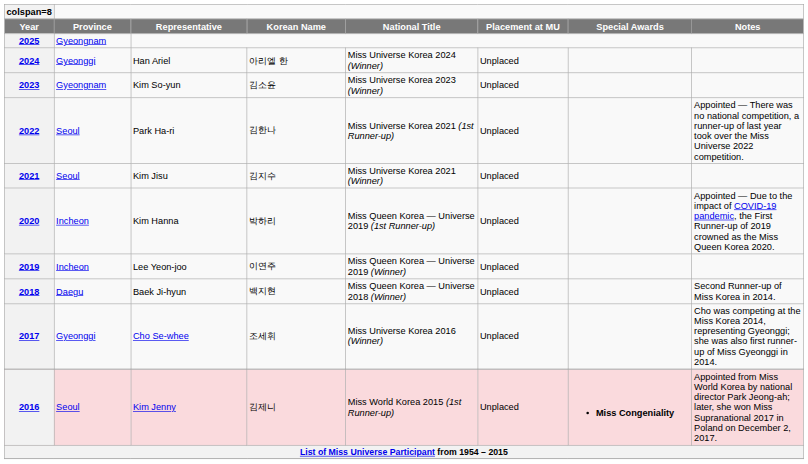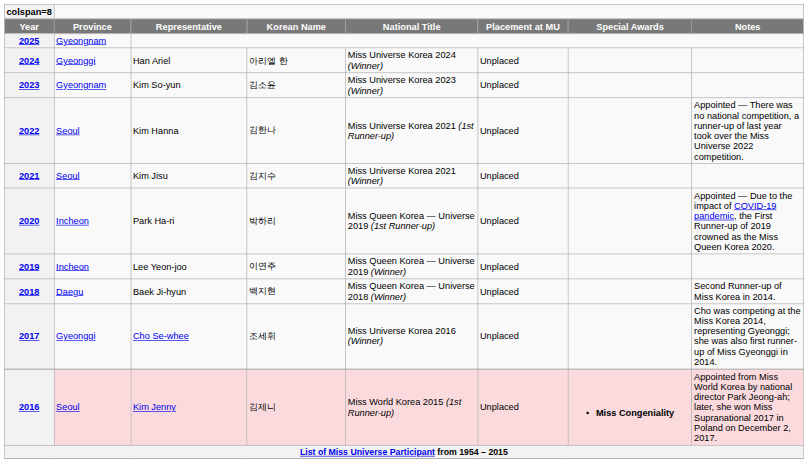 <table class="wikitable " style="font-size: 90%;">
 <tr>
 <th>colspan=8 </th>
 </tr>
 <tr>
 <th width="60" style="background-color:#787878;color:#FFFFFF;">Year</th>
 <th width="150" style="background-color:#787878;color:#FFFFFF;">Province</th>
 <th width="250" style="background-color:#787878;color:#FFFFFF;">Representative</th>
 <th width="250" style="background-color:#787878;color:#FFFFFF;">Korean Name</th>
 <th width="350" style="background-color:#787878;color:#FFFFFF;">National Title</th>
 <th width="200" style="background-color:#787878;color:#FFFFFF;">Placement at MU</th>
 <th width="250" style="background-color:#787878;color:#FFFFFF;">Special Awards</th>
 <th width="250" style="background-color:#787878;color:#FFFFFF;">Notes</th>
 </tr>
 <tr>
 <th><a href='#'>2025</a></th>
 <td><a href='#'>Gyeongnam</a></td>
 </tr>
 <tr>
 <th><a href='#'>2024</a></th>
 <td><a href='#'>Gyeonggi</a></td>
 <td>Han Ariel</td>
 <td>아리엘 한</td>
 <td>Miss Universe Korea 2024 <em>(Winner)</em></td>
 <td>Unplaced</td>
 <td></td>
 <td></td>
 </tr>
 <tr>
 <th><a href='#'>2023</a></th>
 <td><a href='#'>Gyeongnam</a></td>
 <td>Kim So-yun</td>
 <td>김소윤</td>
 <td>Miss Universe Korea 2023 <em>(Winner)</em></td>
 <td>Unplaced</td>
 <td></td>
 <td></td>
 </tr>
 <tr>
 <th><a href='#'>2022</a></th>
 <td><a href='#'>Seoul</a></td>
-<td>Park Ha-ri</td>
+<td>Kim Hanna</td>
 <td>김한나</td>
 <td>Miss Universe Korea 2021 <em>(1st Runner-up)</em></td>
 <td>Unplaced</td>
 <td></td>
 <td>Appointed — There was no national competition, a runner-up of last year took over the Miss Universe 2022 competition.</td>
 </tr>
 <tr>
 <th><a href='#'>2021</a></th>
 <td><a href='#'>Seoul</a></td>
 <td>Kim Jisu</td>
 <td>김지수</td>
 <td>Miss Universe Korea 2021 <em>(Winner)</em></td>
 <td>Unplaced</td>
 <td></td>
 <td></td>
 </tr>
 <tr>
 <th><a href='#'>2020</a></th>
 <td><a href='#'>Incheon</a></td>
-<td>Kim Hanna</td>
+<td>Park Ha-ri</td>
 <td>박하리</td>
 <td>Miss Queen Korea — Universe 2019 <em>(1st Runner-up)</em></td>
 <td>Unplaced</td>
 <td></td>
 <td>Appointed — Due to the impact of <a href='#'>COVID-19 pandemic</a>, the First Runner-up of 2019 crowned as the Miss Queen Korea 2020.</td>
 </tr>
 <tr>
 <th><a href='#'>2019</a></th>
 <td><a href='#'>Incheon</a></td>
 <td>Lee Yeon-joo</td>
 <td>이연주</td>
 <td>Miss Queen Korea — Universe 2019 <em>(Winner)</em></td>
 <td>Unplaced</td>
 <td></td>
 <td></td>
 </tr>
 <tr>
 <th><a href='#'>2018</a></th>
 <td><a href='#'>Daegu</a></td>
 <td>Baek Ji-hyun</td>
 <td>백지현</td>
 <td>Miss Queen Korea  — Universe 2018 <em>(Winner)</em></td>
 <td>Unplaced</td>
 <td></td>
 <td>Second Runner-up of Miss Korea in 2014.</td>
 </tr>
 <tr>
 <th><a href='#'>2017</a></th>
 <td><a href='#'>Gyeonggi</a></td>
 <td><a href='#'>Cho Se-whee</a></td>
 <td>조세휘</td>
 <td>Miss Universe Korea 2016 <em>(Winner)</em></td>
 <td>Unplaced</td>
 <td></td>
 <td>Cho was competing at the Miss Korea 2014, representing Gyeonggi; she was also first runner-up of Miss Gyeonggi in 2014.</td>
 </tr>
 <tr>
 </tr>
 <tr style="background-color:#FADADD; ">
 <th><a href='#'>2016</a></th>
 <td><a href='#'>Seoul</a></td>
 <td><a href='#'>Kim Jenny</a></td>
 <td>김제니</td>
 <td>Miss World Korea 2015 <em>(1st Runner-up)</em></td>
 <td>Unplaced</td>
 <td><br><ul><li><strong>Miss Congeniality</strong></li></ul></td>
 <td>Appointed from Miss World Korea by national director Park Jeong-ah; later, she won Miss Supranational 2017 in Poland on December 2, 2017.</td>
 </tr>
 <tr>
 <th colspan="8" style="font-size:95%;"><a href='#'>List of Miss Universe Participant</a> from 1954 – 2015</th>
 </tr>
 <tr>
 </tr>
 </table>
